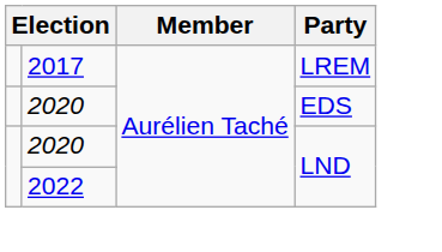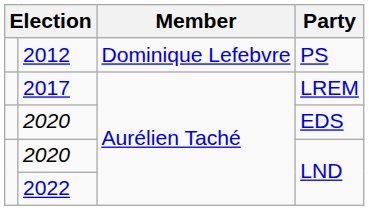 <table class="wikitable">
 <tr>
 <th colspan="2">Election</th>
 <th>Member</th>
 <th>Party</th>
+</tr>
+<tr>
+<td style="color:inherit;background-color: "></td>
+<td><a href='#'>2012</a></td>
+<td><a href='#'>Dominique Lefebvre</a></td>
+<td><a href='#'>PS</a></td>
 </tr>
 <tr>
 <td style="color:inherit;background-color: "></td>
 <td><a href='#'>2017</a></td>
 <td rowspan="4"><a href='#'>Aurélien Taché</a></td>
 <td><a href='#'>LREM</a></td>
 </tr>
 <tr>
 <td style="color:inherit;background-color: "></td>
 <td><em>2020</em></td>
 <td><a href='#'>EDS</a></td>
 </tr>
 <tr>
 <td rowspan="2" style="color:inherit;background-color: "></td>
 <td><em>2020</em></td>
 <td rowspan="2"><a href='#'>LND</a></td>
 </tr>
 <tr>
 <td><a href='#'>2022</a></td>
 </tr>
 </table>
